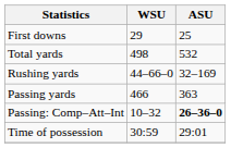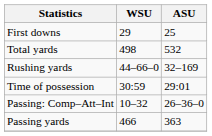 <table class="wikitable" style="float: left;">
 <tr>
 <th>Statistics</th>
 <th>WSU</th>
 <th>ASU</th>
 </tr>
 <tr>
 <td>First downs</td>
 <td>29</td>
 <td>25</td>
 </tr>
 <tr>
 <td>Total yards</td>
 <td>498</td>
 <td>532</td>
 </tr>
 <tr>
 <td>Rushing yards</td>
 <td>44–66–0</td>
 <td>32–169</td>
 </tr>
 <tr>
+<td>Time of possession</td>
+<td>30:59</td>
+<td>29:01</td>
+</tr>
+<tr>
+<td>Passing: Comp–Att–Int</td>
+<td>10–32</td>
+<td>26–36–0</td>
+</tr>
+<tr>
 <td>Passing yards</td>
 <td>466</td>
 <td>363</td>
 </tr>
 <tr>
-<td>Passing: Comp–Att–Int</td>
-<td>10–32</td>
-<td><strong>26–36–0</strong></td>
-</tr>
-<tr>
-<td>Time of possession</td>
-<td>30:59</td>
-<td>29:01</td>
-</tr>
-<tr>
 </tr>
 </table>
